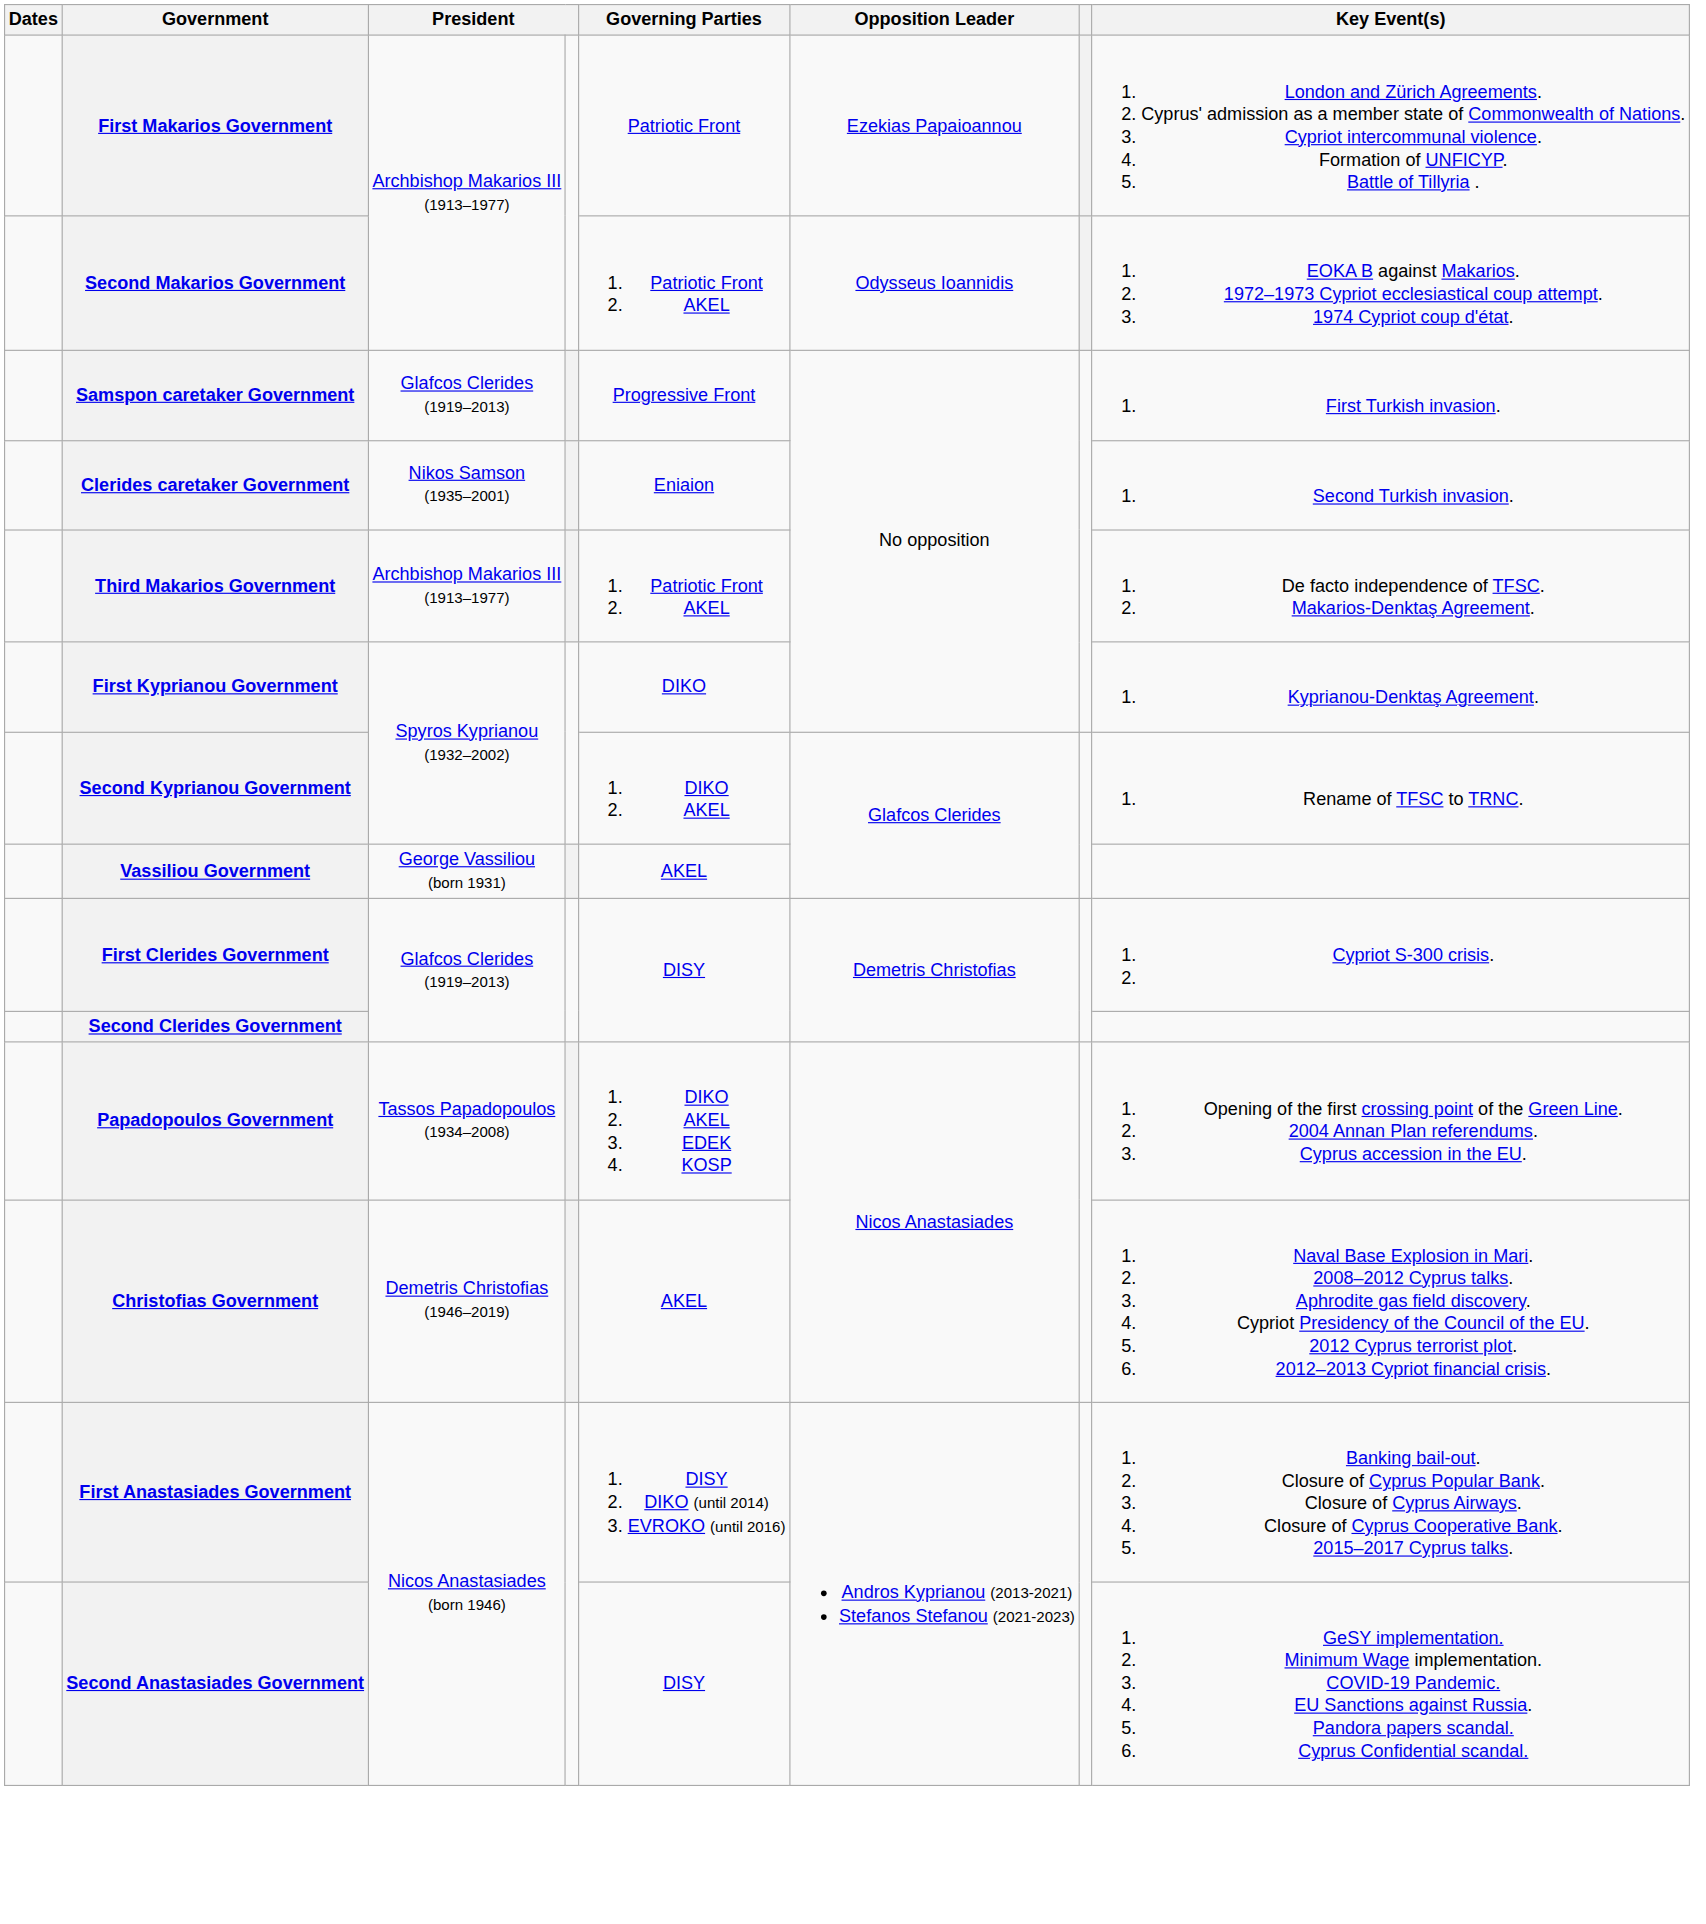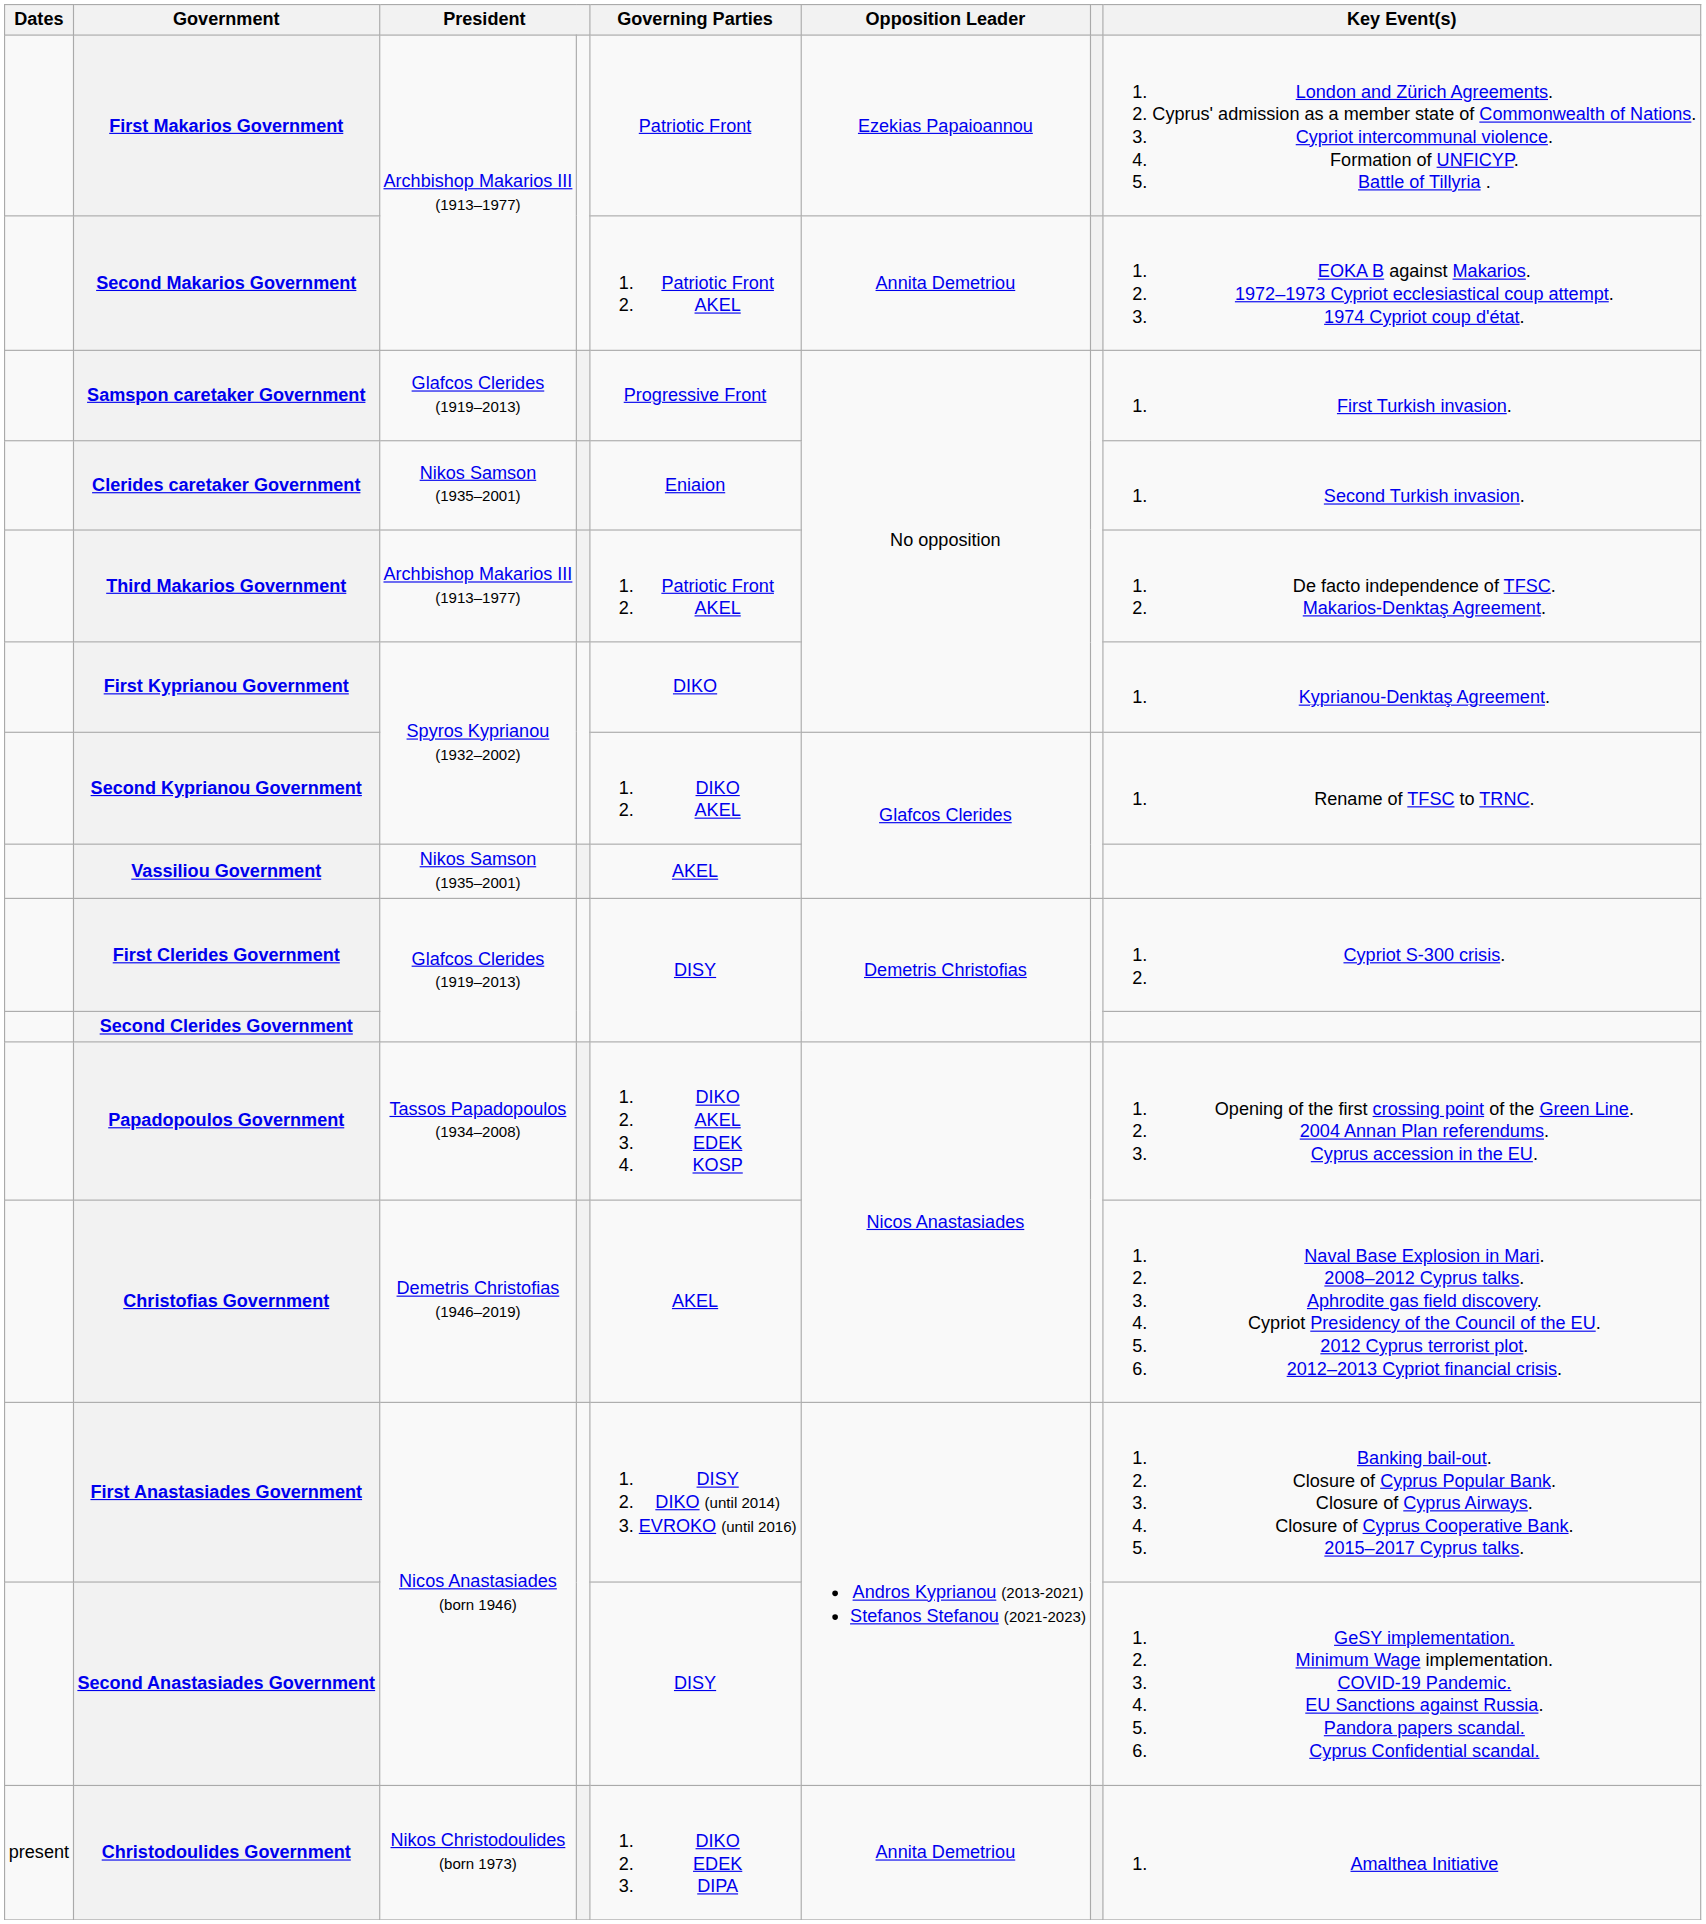 <table class="wikitable" style="text-align:center;font-size:100%;line-height:20px;">
 <tr>
 <th>Dates</th>
 <th>Government</th>
 <th colspan="2">President</th>
 <th>Governing Parties</th>
 <th>Opposition Leader</th>
 <th></th>
 <th>Key Event(s)</th>
 </tr>
 <tr>
 <td></td>
 <th><a href='#'>First Makarios Government</a></th>
 <td rowspan="2"><a href='#'>Archbishop Makarios III</a><br><small>(1913–1977)</small></td>
 <td rowspan="2" ! width="4px" style="background-color: "></td>
 <td><a href='#'>Patriotic Front</a></td>
 <td><a href='#'>Ezekias Papaioannou</a></td>
 <th width="4px" style="background-color: "></th>
 <td><br><ol><li><a href='#'>London and Zürich Agreements</a>.</li><li>Cyprus' admission as a member state of <a href='#'>Commonwealth of Nations</a>.</li><li><a href='#'>Cypriot intercommunal violence</a>.</li><li>Formation of <a href='#'>UNFICYP</a>.</li><li><a href='#'>Battle of Tillyria</a> .</li></ol></td>
 </tr>
 <tr>
 <td></td>
 <th><a href='#'>Second Makarios Government</a></th>
 <td><br><ol><li><a href='#'>Patriotic Front</a></li><li><a href='#'>AKEL</a></li></ol></td>
-<td><a href='#'>Odysseus Ioannidis</a></td>
+<td><a href='#'>Annita Demetriou</a></td>
 <th width="4px" style="background-color: "></th>
 <td><br><ol><li><a href='#'>EOKA B</a> against <a href='#'>Makarios</a>.</li><li><a href='#'>1972–1973 Cypriot ecclesiastical coup attempt</a>.</li><li><a href='#'>1974 Cypriot coup d'état</a>.</li></ol></td>
 </tr>
 <tr>
 <td></td>
 <th><a href='#'>Samspon caretaker Government</a></th>
 <td><a href='#'>Glafcos Clerides</a><br><small>(1919–2013)</small></td>
 <th width="4px" style="background-color: "></th>
 <td><a href='#'>Progressive Front</a></td>
 <td rowspan="4">No opposition</td>
 <td rowspan="4" ! width="4px" style="background-color: "></td>
 <td><br><ol><li><a href='#'>First Turkish invasion</a>.</li></ol></td>
 </tr>
 <tr>
 <td></td>
 <th><a href='#'>Clerides caretaker Government</a></th>
 <td><a href='#'>Nikos Samson</a><br><small>(1935–2001)</small></td>
 <th width="4px" style="background-color: "></th>
 <td><a href='#'>Eniaion</a></td>
 <td><br><ol><li><a href='#'>Second Turkish invasion</a>.</li></ol></td>
 </tr>
 <tr>
 <td></td>
 <th><a href='#'>Third Makarios Government</a></th>
 <td><a href='#'>Archbishop Makarios III</a><br><small>(1913–1977)</small></td>
 <th width="4px" style="background-color: "></th>
 <td><br><ol><li><a href='#'>Patriotic Front</a></li><li><a href='#'>AKEL</a></li></ol></td>
 <td><br><ol><li>De facto independence of <a href='#'>TFSC</a>.</li><li><a href='#'>Makarios-Denktaş Agreement</a>.</li></ol></td>
 </tr>
 <tr>
 <td></td>
 <th><a href='#'>First Kyprianou Government</a></th>
 <td rowspan="2"><a href='#'>Spyros Kyprianou</a><br><small>(1932–2002)</small></td>
 <td rowspan="2" ! width="4px" style="background-color: "></td>
 <td><a href='#'>DIKO</a></td>
 <td><br><ol><li><a href='#'>Kyprianou-Denktaş Agreement</a>.</li></ol></td>
 </tr>
 <tr>
 <td></td>
 <th><a href='#'>Second Kyprianou Government</a></th>
 <td><br><ol><li><a href='#'>DIKO</a></li><li><a href='#'>AKEL</a></li></ol></td>
 <td rowspan="2"><a href='#'>Glafcos Clerides</a></td>
 <td rowspan="2" ! width="4px" style="background-color: "></td>
 <td><br><ol><li>Rename of <a href='#'>TFSC</a> to <a href='#'>TRNC</a>.</li></ol></td>
 </tr>
 <tr>
 <td></td>
 <th><a href='#'>Vassiliou Government</a></th>
-<td><a href='#'>George Vassiliou</a><br><small>(born 1931)</small></td>
+<td><a href='#'>Nikos Samson</a><br><small>(1935–2001)</small></td>
 <th width="4px" style="background-color: "></th>
 <td><a href='#'>AKEL</a></td>
 <td></td>
 </tr>
 <tr>
 <td></td>
 <th><a href='#'>First Clerides Government</a></th>
 <td rowspan="2"><a href='#'>Glafcos Clerides</a><br><small>(1919–2013)</small></td>
 <td rowspan="2" ! width="4px" style="background-color: "></td>
 <td rowspan="2"><a href='#'>DISY</a></td>
 <td rowspan="2"><a href='#'>Demetris Christofias</a></td>
 <td rowspan="2" ! width="4px" style="background-color: "></td>
 <td><br><ol><li><a href='#'>Cypriot S-300 crisis</a>.</li><li></li></ol></td>
 </tr>
 <tr>
 <td></td>
 <th><a href='#'>Second Clerides Government</a></th>
 <td></td>
 </tr>
 <tr>
 <td></td>
 <th><a href='#'>Papadopoulos Government</a></th>
 <td><a href='#'>Tassos Papadopoulos</a><br><small>(1934–2008)</small></td>
 <th width="4px" style="background-color: "></th>
 <td><br><ol><li><a href='#'>DIKO</a></li><li><a href='#'>AKEL</a></li><li><a href='#'>EDEK</a></li><li><a href='#'>KOSP</a></li></ol></td>
 <td rowspan="2"><a href='#'>Nicos Anastasiades</a></td>
 <td rowspan="2" ! width="4px" style="background-color: "></td>
 <td><br><ol><li>Opening of the first <a href='#'>crossing point</a> of the <a href='#'>Green Line</a>.</li><li><a href='#'>2004 Annan Plan referendums</a>.</li><li><a href='#'>Cyprus accession in the EU</a>.</li></ol></td>
 </tr>
 <tr>
 <td></td>
 <th><a href='#'>Christofias Government</a></th>
 <td><a href='#'>Demetris Christofias</a><br><small>(1946–2019)</small></td>
 <th width="4px" style="background-color: "></th>
 <td><a href='#'>AKEL</a></td>
 <td><br><ol><li><a href='#'>Naval Base Explosion in Mari</a>.</li><li><a href='#'>2008–2012 Cyprus talks</a>.</li><li><a href='#'>Aphrodite gas field discovery</a>.</li><li>Cypriot <a href='#'>Presidency of the Council of the EU</a>.</li><li><a href='#'>2012 Cyprus terrorist plot</a>.</li><li><a href='#'>2012–2013 Cypriot financial crisis</a>.</li></ol></td>
 </tr>
 <tr>
 <td></td>
 <th><a href='#'>First Anastasiades Government</a></th>
 <td rowspan="2"><a href='#'>Nicos Anastasiades</a><br><small>(born 1946)</small></td>
 <td rowspan="2" ! width="4px" style="background-color: "></td>
 <td><br><ol><li><a href='#'>DISY</a></li><li><a href='#'>DIKO</a> <small>(until 2014)</small></li><li><a href='#'>EVROKO</a> <small>(until 2016)</small></li></ol></td>
 <td rowspan="2"><br><ul><li><a href='#'>Andros Kyprianou</a> <small>(2013-2021)</small></li><li><a href='#'>Stefanos Stefanou</a> <small>(2021-2023)</small></li></ul></td>
 <td rowspan="2" ! width="4px" style="background-color: "></td>
 <td><br><ol><li><a href='#'>Banking bail-out</a>.</li><li>Closure of <a href='#'>Cyprus Popular Bank</a>.</li><li>Closure of <a href='#'>Cyprus Airways</a>.</li><li>Closure of <a href='#'>Cyprus Cooperative Bank</a>.</li><li><a href='#'>2015–2017 Cyprus talks</a>.</li></ol></td>
 </tr>
 <tr>
 <td></td>
 <th><a href='#'>Second Anastasiades Government</a></th>
 <td><a href='#'>DISY</a></td>
 <td><br><ol><li><a href='#'>GeSY implementation.</a></li><li><a href='#'>Minimum Wage</a> implementation.</li><li><a href='#'>COVID-19 Pandemic.</a></li><li><a href='#'>EU Sanctions against Russia</a>.</li><li><a href='#'>Pandora papers scandal.</a></li><li><a href='#'>Cyprus Confidential scandal.</a></li></ol></td>
 </tr>
+<tr>
+<td>present</td>
+<th><a href='#'>Christodoulides Government</a></th>
+<td><a href='#'>Nikos Christodoulides</a><br><small>(born 1973)</small></td>
+<th width="4px" style="background-color: "></th>
+<td><br><ol><li><a href='#'>DIKO</a></li><li><a href='#'>EDEK</a></li><li><a href='#'>DIPA</a></li></ol></td>
+<td><a href='#'>Annita Demetriou</a></td>
+<th width="4px" style="background-color: "></th>
+<td><br><ol><li><a href='#'>Amalthea Initiative</a></li></ol></td>
+</tr>
 </table>
